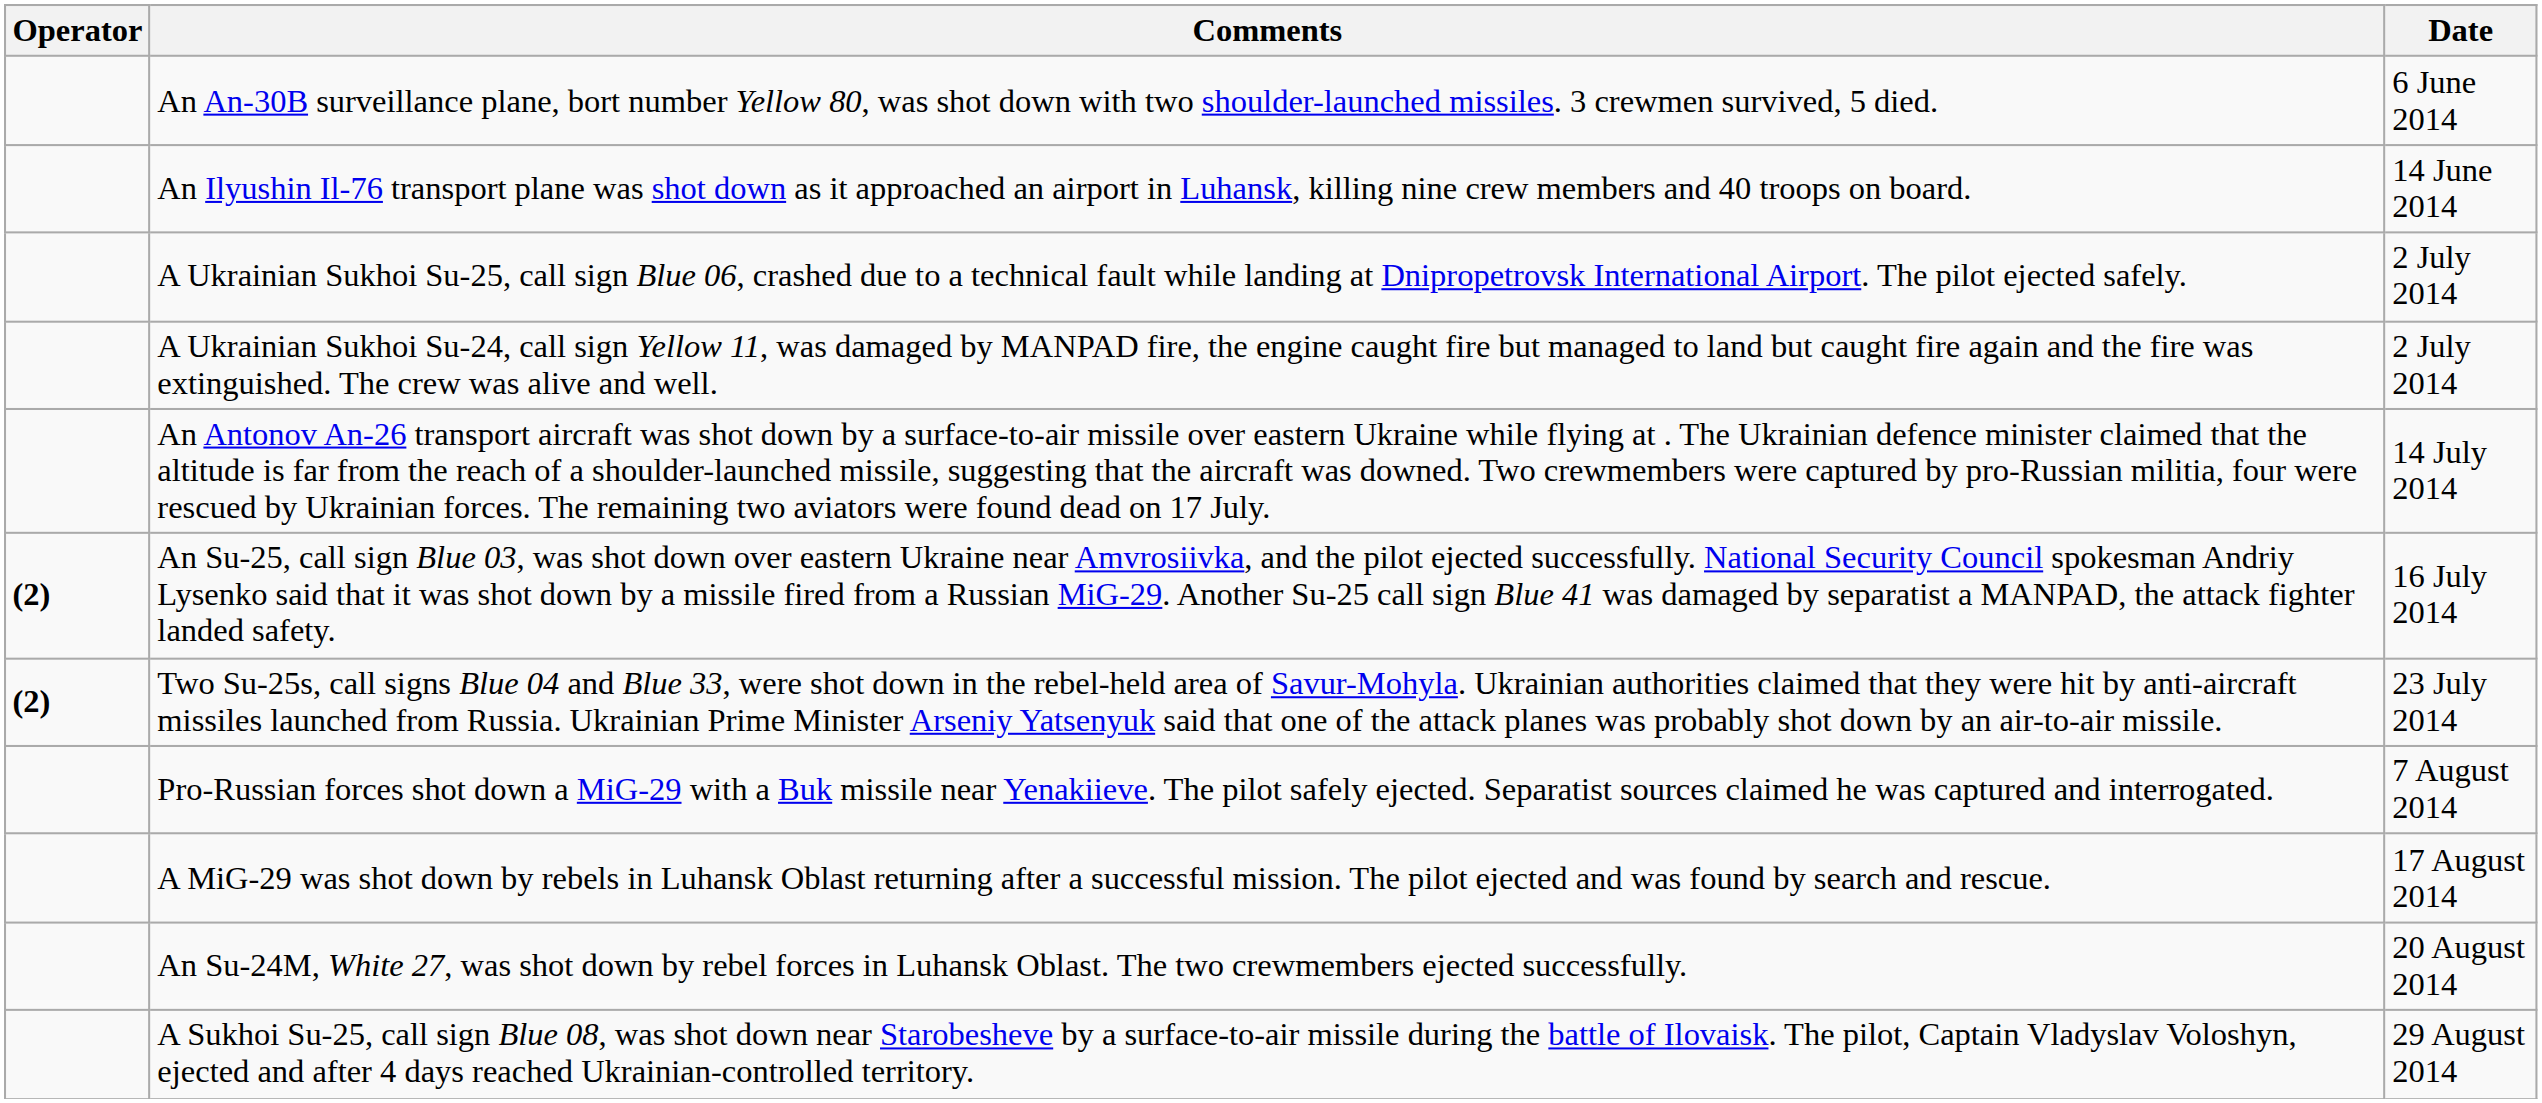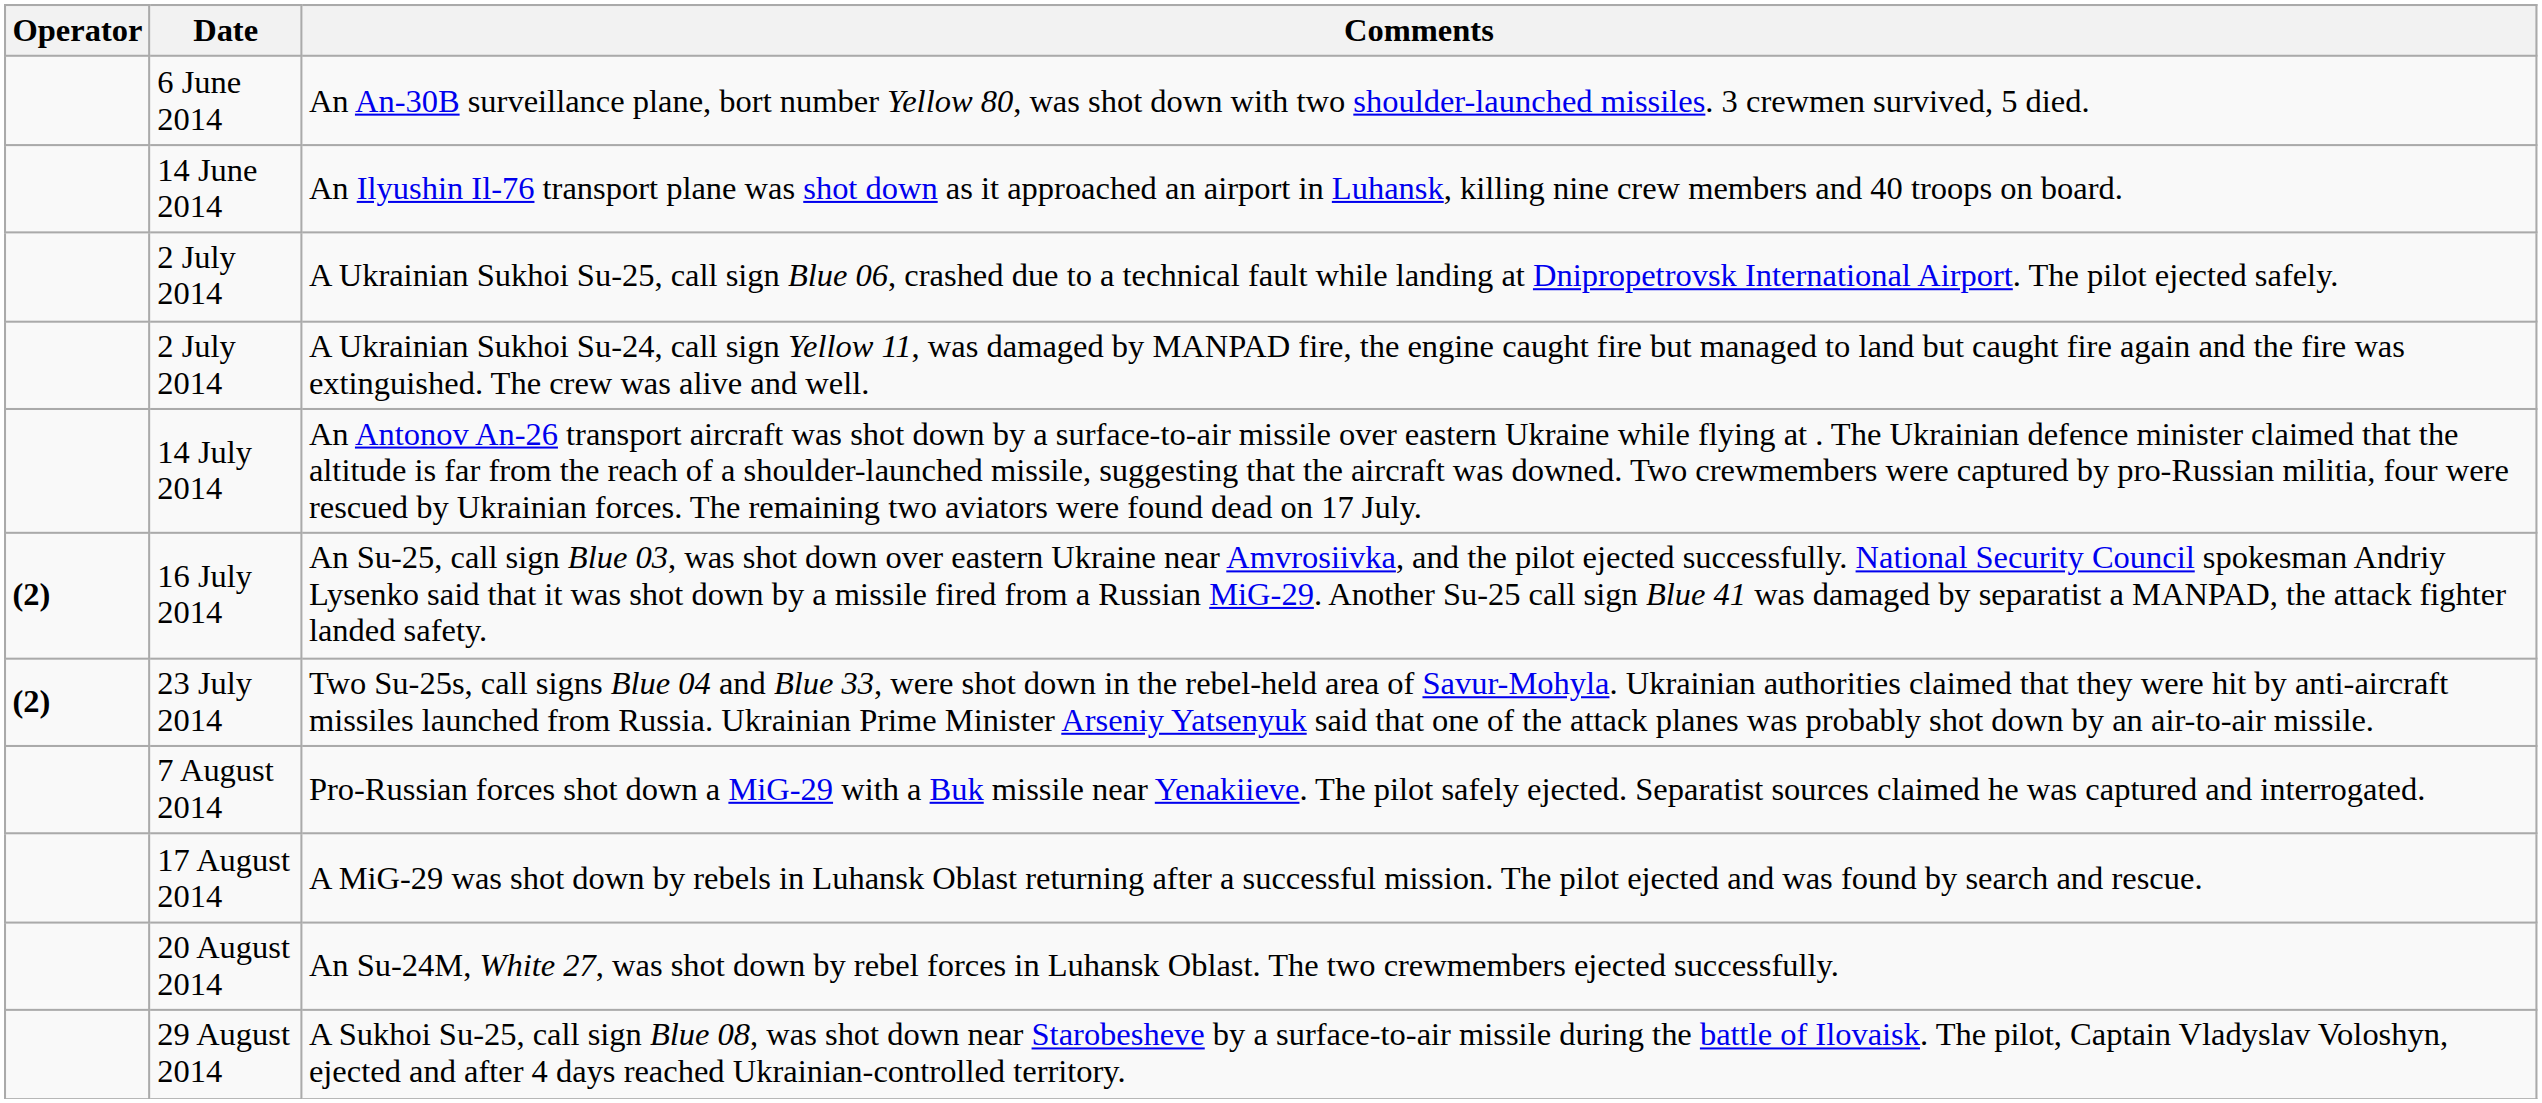 <table class="wikitable">
 <tr>
 <th>Operator</th>
+<th>Date</th>
 <th>Comments</th>
-<th>Date</th>
 </tr>
 <tr>
 <td></td>
+<td>6 June 2014</td>
 <td>An <a href='#'>An-30B</a> surveillance plane, bort number <em>Yellow 80</em>, was shot down with two <a href='#'>shoulder-launched missiles</a>. 3 crewmen survived, 5 died.</td>
-<td>6 June 2014</td>
 </tr>
 <tr>
 <td></td>
+<td>14 June 2014</td>
 <td>An <a href='#'>Ilyushin Il-76</a> transport plane was <a href='#'>shot down</a> as it approached an airport in <a href='#'>Luhansk</a>, killing nine crew members and 40 troops on board.</td>
-<td>14 June 2014</td>
 </tr>
 <tr>
 <td></td>
+<td>2 July 2014</td>
 <td>A Ukrainian Sukhoi Su-25, call sign <em>Blue 06</em>, crashed due to a technical fault while landing at <a href='#'>Dnipropetrovsk International Airport</a>. The pilot ejected safely.</td>
-<td>2 July 2014</td>
 </tr>
 <tr>
 <td></td>
+<td>2 July 2014</td>
 <td>A Ukrainian Sukhoi Su-24, call sign <em>Yellow 11</em>, was damaged by MANPAD fire, the engine caught fire but managed to land but caught fire again and the fire was extinguished. The crew was alive and well.</td>
-<td>2 July 2014</td>
 </tr>
 <tr>
 <td></td>
+<td>14 July 2014</td>
 <td>An <a href='#'>Antonov An-26</a> transport aircraft was shot down by a surface-to-air missile over eastern Ukraine while flying at . The Ukrainian defence minister claimed that the altitude is far from the reach of a shoulder-launched missile, suggesting that the aircraft was downed. Two crewmembers were captured by pro-Russian militia, four were rescued by Ukrainian forces. The remaining two aviators were found dead on 17 July.</td>
-<td>14 July 2014</td>
 </tr>
 <tr>
 <td> <strong>(2)</strong></td>
+<td>16 July 2014</td>
 <td>An Su-25, call sign <em>Blue 03</em>, was shot down over eastern Ukraine near <a href='#'>Amvrosiivka</a>, and the pilot ejected successfully. <a href='#'>National Security Council</a> spokesman Andriy Lysenko said that it was shot down by a missile fired from a Russian <a href='#'>MiG-29</a>. Another Su-25 call sign <em>Blue 41</em> was damaged by separatist a MANPAD, the attack fighter landed safety.</td>
-<td>16 July 2014</td>
 </tr>
 <tr>
 <td> <strong>(2)</strong></td>
+<td>23 July 2014</td>
 <td>Two Su-25s, call signs <em>Blue 04</em> and <em>Blue 33</em>, were shot down in the rebel-held area of <a href='#'>Savur-Mohyla</a>. Ukrainian authorities claimed that they were hit by anti-aircraft missiles launched from Russia. Ukrainian Prime Minister <a href='#'>Arseniy Yatsenyuk</a> said that one of the attack planes was probably shot down by an air-to-air missile.</td>
-<td>23 July 2014</td>
 </tr>
 <tr>
 <td></td>
+<td>7 August 2014</td>
 <td>Pro-Russian forces shot down a <a href='#'>MiG-29</a> with a <a href='#'>Buk</a> missile near <a href='#'>Yenakiieve</a>. The pilot safely ejected. Separatist sources claimed he was captured and interrogated.</td>
-<td>7 August 2014</td>
 </tr>
 <tr>
 <td></td>
+<td>17 August 2014</td>
 <td>A MiG-29 was shot down by rebels in Luhansk Oblast returning after a successful mission. The pilot ejected and was found by search and rescue.</td>
-<td>17 August 2014</td>
 </tr>
 <tr>
 <td></td>
+<td>20 August 2014</td>
 <td>An Su-24M, <em>White 27</em>, was shot down by rebel forces in Luhansk Oblast. The two crewmembers ejected successfully.</td>
-<td>20 August 2014</td>
 </tr>
 <tr>
 <td></td>
+<td>29 August 2014</td>
 <td>A Sukhoi Su-25, call sign <em>Blue 08</em>, was shot down near <a href='#'>Starobesheve</a> by a surface-to-air missile during the <a href='#'>battle of Ilovaisk</a>. The pilot, Captain Vladyslav Voloshyn, ejected and after 4 days reached Ukrainian-controlled territory.</td>
-<td>29 August 2014</td>
 </tr>
 </table>
